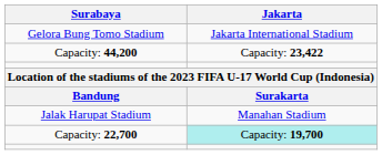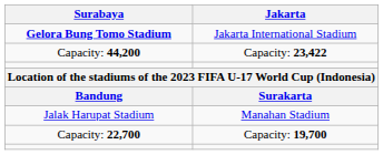 <table class="wikitable" style="text-align:center">
 <tr>
 <th><a href='#'>Surabaya</a></th>
 <th><a href='#'>Jakarta</a></th>
 </tr>
 <tr>
-<td><a href='#'>Gelora Bung Tomo Stadium</a></td>
+<td><strong><a href='#'>Gelora Bung Tomo Stadium</a></strong></td>
 <td><a href='#'>Jakarta International Stadium</a></td>
 </tr>
 <tr>
 <td>Capacity: <strong>44,200</strong></td>
 <td>Capacity: <strong>23,422</strong></td>
 </tr>
 <tr>
 <td></td>
 <td></td>
 </tr>
 <tr>
 <th colspan="3">Location of the stadiums of the 2023 FIFA U-17 World Cup (Indonesia) </th>
 </tr>
 <tr>
 <th><a href='#'>Bandung</a></th>
 <th><a href='#'>Surakarta</a></th>
 </tr>
 <tr>
 <td><a href='#'>Jalak Harupat Stadium</a></td>
 <td><a href='#'>Manahan Stadium</a></td>
 </tr>
 <tr>
 <td>Capacity: <strong>22,700</strong></td>
-<td style="background: paleturquoise;">Capacity: <strong>19,700</strong></td>
+<td>Capacity: <strong>19,700</strong></td>
 </tr>
 <tr>
 <td></td>
 <td></td>
 </tr>
 </table>
